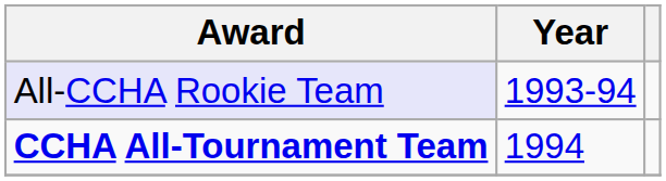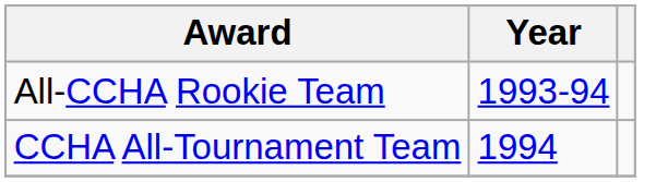 <table class="wikitable">
 <tr>
 <th>Award</th>
 <th>Year</th>
 <th></th>
 </tr>
 <tr>
-<td style="background: lavender;">All-<a href='#'>CCHA</a> <a href='#'>Rookie Team</a></td>
+<td>All-<a href='#'>CCHA</a> <a href='#'>Rookie Team</a></td>
 <td><a href='#'>1993-94</a></td>
 <td></td>
 </tr>
 <tr>
-<td><strong><a href='#'>CCHA</a> <a href='#'>All-Tournament Team</a></strong></td>
+<td><a href='#'>CCHA</a> <a href='#'>All-Tournament Team</a></td>
 <td><a href='#'>1994</a></td>
 <td></td>
 </tr>
 <tr>
 </tr>
 </table>
